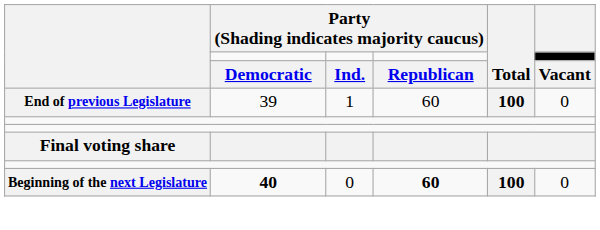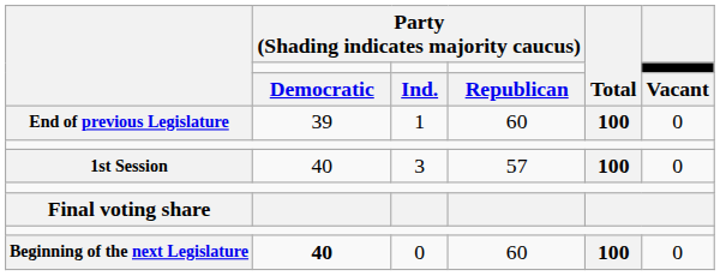 <table class=wikitable style="text-align:center">
 <tr style="vertical-align:bottom;">
 <th rowspan=3></th>
 <th colspan=3>Party <div>(Shading indicates majority caucus)</div></th>
 <th rowspan=3>Total</th>
 <th></th>
 </tr>
 <tr style="height:5px">
 <td style="background-color:"></td>
 <td style="background-color:"></td>
 <td style="background-color:"></td>
 <td style="background:black;"></td>
 </tr>
 <tr>
 <th><a href='#'>Democratic</a></th>
 <th><a href='#'>Ind.</a></th>
 <th><a href='#'>Republican</a></th>
 <th>Vacant</th>
 </tr>
 <tr>
 <th style="font-size:80%;">End of <a href='#'>previous Legislature</a></th>
 <td>39</td>
 <td>1</td>
 <td>60</td>
 <th>100</th>
 <td>0</td>
 </tr>
 <tr>
 <td colspan=6></td>
 </tr>
 <tr>
+<th style="font-size:80%;">1st Session</th>
+<td>40</td>
+<td>3</td>
+<td>57</td>
+<th>100</th>
+<td>0</td>
+</tr>
+<tr>
 <td colspan=6></td>
 </tr>
 <tr>
 <th>Final voting share</th>
 <th></th>
 <th></th>
 <th></th>
 <th colspan=2></th>
 </tr>
 <tr>
 <td colspan=6></td>
 </tr>
 <tr>
 <th style="font-size:80%;">Beginning of the <a href='#'>next Legislature</a></th>
 <td><strong>40</strong></td>
 <td>0</td>
-<td><strong>60</strong></td>
+<td>60</td>
 <th>100</th>
 <td>0</td>
 </tr>
 </table>
